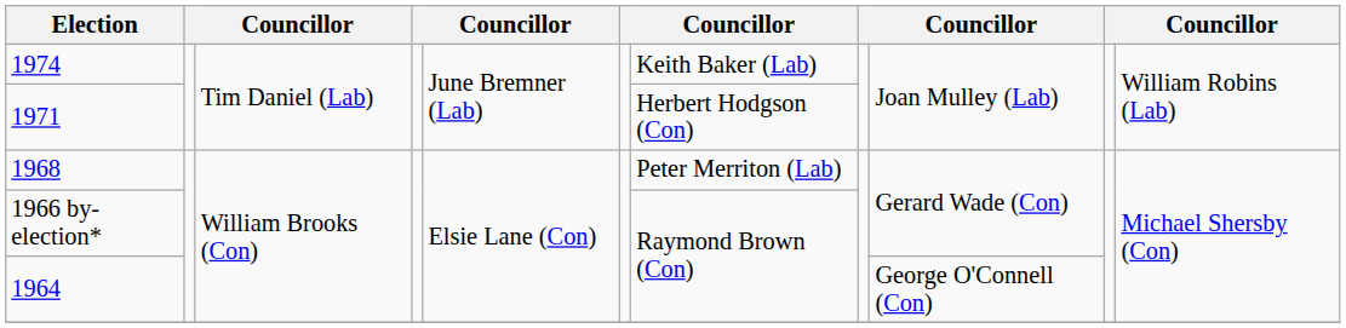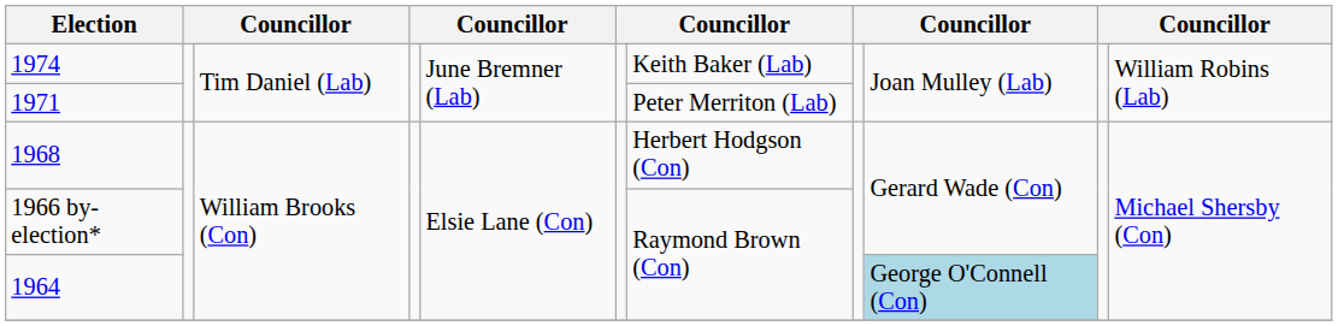 <table class="wikitable">
 <tr>
 <th>Election</th>
 <th colspan="2">Councillor</th>
 <th colspan="2">Councillor</th>
 <th colspan="2">Councillor</th>
 <th colspan="2">Councillor</th>
 <th colspan="2">Councillor</th>
 </tr>
 <tr>
 <td><a href='#'>1974</a></td>
 <td rowspan=2; style="background-color: "></td>
 <td rowspan=2>Tim Daniel (<a href='#'>Lab</a>)</td>
 <td rowspan=2; style="background-color: "></td>
 <td rowspan=2>June Bremner (<a href='#'>Lab</a>)</td>
 <td rowspan=2; style="background-color: "></td>
 <td>Keith Baker (<a href='#'>Lab</a>)</td>
 <td rowspan=2; style="background-color: "></td>
 <td rowspan=2>Joan Mulley (<a href='#'>Lab</a>)</td>
 <td rowspan=2; style="background-color: "></td>
 <td rowspan=2>William Robins (<a href='#'>Lab</a>)</td>
 </tr>
 <tr>
 <td><a href='#'>1971</a></td>
-<td>Herbert Hodgson (<a href='#'>Con</a>)</td>
+<td>Peter Merriton (<a href='#'>Lab</a>)</td>
 </tr>
 <tr>
 <td><a href='#'>1968</a></td>
 <td rowspan=3; style="background-color: "></td>
 <td rowspan=3>William Brooks (<a href='#'>Con</a>)</td>
 <td rowspan=3; style="background-color: "></td>
 <td rowspan=3>Elsie Lane (<a href='#'>Con</a>)</td>
 <td rowspan=3; style="background-color: "></td>
-<td>Peter Merriton (<a href='#'>Lab</a>)</td>
+<td>Herbert Hodgson (<a href='#'>Con</a>)</td>
 <td rowspan=3; style="background-color: "></td>
 <td rowspan=2>Gerard Wade (<a href='#'>Con</a>)</td>
 <td rowspan=3; style="background-color: "></td>
 <td rowspan=3><a href='#'>Michael Shersby</a> (<a href='#'>Con</a>)</td>
 </tr>
 <tr>
 <td>1966 by-election*</td>
 <td rowspan="2">Raymond Brown (<a href='#'>Con</a>)</td>
 </tr>
 <tr>
 <td><a href='#'>1964</a></td>
-<td>George O'Connell (<a href='#'>Con</a>)</td>
+<td style="background: lightblue;">George O'Connell (<a href='#'>Con</a>)</td>
 </tr>
 <tr>
 </tr>
 </table>
